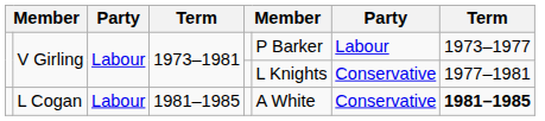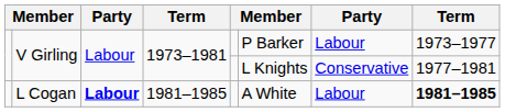 <table class="wikitable">
 <tr>
 <th colspan="2">Member</th>
 <th>Party</th>
 <th>Term</th>
 <th colspan="2">Member</th>
 <th>Party</th>
 <th>Term</th>
 </tr>
 <tr>
 <td rowspan="2" style="background-color: "></td>
 <td rowspan="2">V Girling</td>
 <td rowspan="2"><a href='#'>Labour</a></td>
 <td rowspan="2">1973–1981</td>
 <td style="background-color: "></td>
 <td>P Barker</td>
 <td><a href='#'>Labour</a></td>
 <td>1973–1977</td>
 </tr>
 <tr>
 <td style="background-color: "></td>
 <td>L Knights</td>
 <td><a href='#'>Conservative</a></td>
 <td>1977–1981</td>
 </tr>
 <tr>
 <td style="background-color: "></td>
 <td>L Cogan</td>
-<td><a href='#'>Labour</a></td>
+<td><strong><a href='#'>Labour</a></strong></td>
 <td>1981–1985</td>
 <td style="background-color: "></td>
 <td>A White</td>
-<td><a href='#'>Conservative</a></td>
+<td><a href='#'>Labour</a></td>
 <td><strong>1981–1985</strong></td>
 </tr>
 </table>
